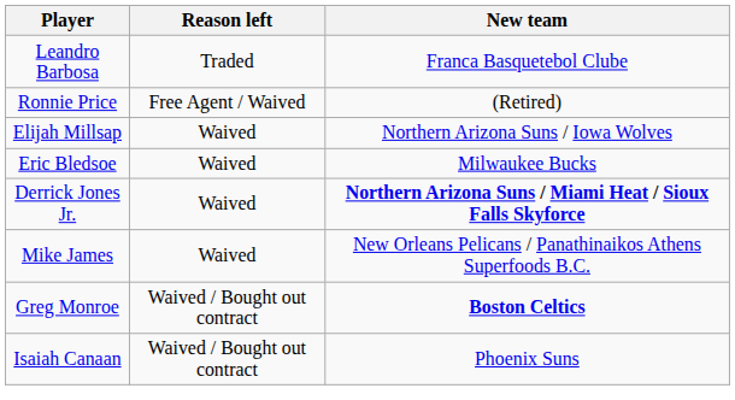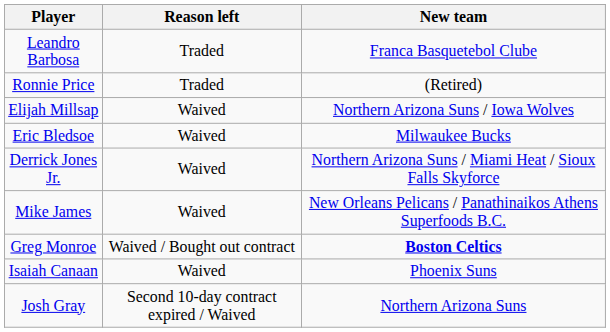 <table class="wikitable sortable sortable">
 <tr>
 <th>Player</th>
 <th>Reason left</th>
 <th>New team</th>
 </tr>
 <tr style="text-align: center">
 <td><a href='#'>Leandro Barbosa</a></td>
 <td>Traded</td>
 <td> <a href='#'>Franca Basquetebol Clube</a></td>
 </tr>
 <tr style="text-align: center">
 <td><a href='#'>Ronnie Price</a></td>
-<td>Free Agent / Waived</td>
+<td>Traded</td>
 <td> (Retired)</td>
 </tr>
 <tr style="text-align: center">
 <td><a href='#'>Elijah Millsap</a></td>
 <td>Waived</td>
 <td><a href='#'>Northern Arizona Suns</a> / <a href='#'>Iowa Wolves</a></td>
 </tr>
 <tr style="text-align: center">
 <td><a href='#'>Eric Bledsoe</a></td>
 <td>Waived</td>
 <td><a href='#'>Milwaukee Bucks</a></td>
 </tr>
 <tr style="text-align: center">
 <td><a href='#'>Derrick Jones Jr.</a></td>
 <td>Waived</td>
-<td><strong><a href='#'>Northern Arizona Suns</a> / <a href='#'>Miami Heat</a> / <a href='#'>Sioux Falls Skyforce</a></strong></td>
+<td><a href='#'>Northern Arizona Suns</a> / <a href='#'>Miami Heat</a> / <a href='#'>Sioux Falls Skyforce</a></td>
 </tr>
 <tr style="text-align: center">
 <td><a href='#'>Mike James</a></td>
 <td>Waived</td>
 <td><a href='#'>New Orleans Pelicans</a> /  <a href='#'>Panathinaikos Athens Superfoods B.C.</a></td>
 </tr>
 <tr style="text-align: center">
 <td><a href='#'>Greg Monroe</a></td>
 <td>Waived / Bought out contract</td>
 <td><strong><a href='#'>Boston Celtics</a></strong></td>
 </tr>
 <tr style="text-align: center">
 <td><a href='#'>Isaiah Canaan</a></td>
-<td>Waived / Bought out contract</td>
+<td>Waived</td>
 <td><a href='#'>Phoenix Suns</a></td>
 </tr>
+<tr style="text-align: center">
+<td><a href='#'>Josh Gray</a></td>
+<td>Second 10-day contract expired / Waived</td>
+<td><a href='#'>Northern Arizona Suns</a></td>
+</tr>
 </table>
